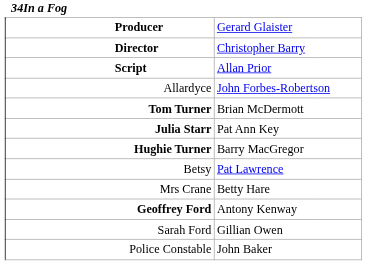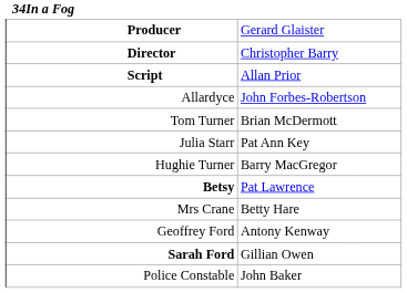 <table class="wikitable mw-collapsible mw-collapsed" style="vertical-align:top;margin:auto 2em;line-height:1.2;min-width:33em;display: inline-table;background-color:inherit;border:none;">
 <tr>
 <td class=unsortable style="border:hidden;line-height:1.67;text-align:center;margin-left:-1em;padding-left:0.5em;min-width:1.0em;"></td>
 <td class=unsortable style="border:none;padding-left:0.5em;text-align:left;min-width:16.5em;font-weight:700;font-style:italic;">34In a Fog</td>
 <td class=unsortable style="border:none;text-align:right;font-weight:normal;font-family:Courier;font-size:95%;letter-spacing:-1pt;min-width:8.5em;padding-right:0.2em;"></td>
 <td class=unsortable style="border:hidden;min-width:3.5em;padding-left:0;"></td>
 <td class=unsortable style="border:hidden;min-width:3.5em;font-size:95%;"></td>
 </tr>
 <tr>
 <td rowspan=100 style="border:none thin;border-right-style :solid;"></td>
 </tr>
 <tr>
 <td style="text-align:left;padding-left:9.0em;font-weight:bold;">Producer</td>
 <td colspan=2><a href='#'>Gerard Glaister</a></td>
 </tr>
 <tr>
 <td style="text-align:left;padding-left:9.0em;font-weight:bold;">Director</td>
 <td colspan=2><a href='#'>Christopher Barry</a></td>
 </tr>
 <tr>
 <td style="text-align:left;padding-left:9.0em;font-weight:bold;">Script</td>
 <td colspan=2><a href='#'>Allan Prior</a></td>
 </tr>
 <tr>
 <td style="text-align:right;">Allardyce</td>
 <td colspan=2><a href='#'>John Forbes-Robertson</a></td>
 </tr>
 <tr>
-<td style="text-align:right;"><strong>Tom Turner</strong></td>
+<td style="text-align:right;">Tom Turner</td>
 <td colspan=2>Brian McDermott</td>
 </tr>
 <tr>
-<td style="text-align:right;"><strong>Julia Starr</strong></td>
+<td style="text-align:right;">Julia Starr</td>
 <td colspan=2>Pat Ann Key</td>
 </tr>
 <tr>
-<td style="text-align:right;"><strong>Hughie Turner</strong></td>
+<td style="text-align:right;">Hughie Turner</td>
 <td colspan=2>Barry MacGregor</td>
 </tr>
 <tr>
-<td style="text-align:right;">Betsy</td>
+<td style="text-align:right;"><strong>Betsy</strong></td>
 <td colspan=2><a href='#'>Pat Lawrence</a></td>
 </tr>
 <tr>
 <td style="text-align:right;">Mrs Crane</td>
 <td colspan=2>Betty Hare</td>
 </tr>
 <tr>
-<td style="text-align:right;"><strong>Geoffrey Ford</strong></td>
+<td style="text-align:right;">Geoffrey Ford</td>
 <td colspan=2>Antony Kenway</td>
 </tr>
 <tr>
-<td style="text-align:right;">Sarah Ford</td>
+<td style="text-align:right;"><strong>Sarah Ford</strong></td>
 <td colspan=2>Gillian Owen</td>
 </tr>
 <tr>
 <td style="text-align:right;">Police Constable</td>
 <td colspan=2>John Baker</td>
 </tr>
 </table>
